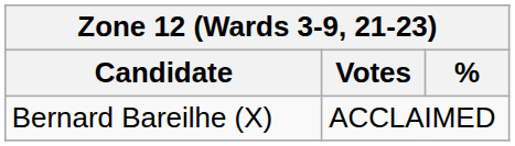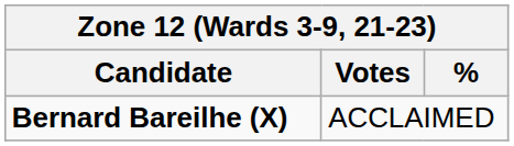 <table class="wikitable">
 <tr>
 <th colspan="3">Zone 12 (Wards 3-9, 21-23)</th>
 </tr>
 <tr>
 <th style="width: 170px">Candidate</th>
 <th style="width: 50px">Votes</th>
 <th style="width: 40px">%</th>
 </tr>
 <tr>
-<td>Bernard Bareilhe (X)</td>
+<td><strong>Bernard Bareilhe (X)</strong></td>
 <td colspan="2">ACCLAIMED</td>
 </tr>
 </table>
